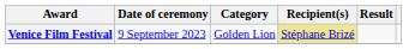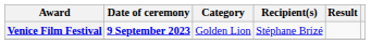 <table class="wikitable sortable plainrowheaders">
 <tr>
 <th scope="col">Award</th>
 <th scope="col">Date of ceremony</th>
 <th scope="col">Category</th>
 <th scope="col">Recipient(s)</th>
 <th scope="col">Result</th>
 <th scope="col" class="unsortable"></th>
 </tr>
 <tr>
 <th scope="row"><a href='#'>Venice Film Festival</a></th>
-<td><a href='#'>9 September 2023</a></td>
+<td><strong><a href='#'>9 September 2023</a></strong></td>
 <td><a href='#'>Golden Lion</a></td>
-<td style="background: khaki;"><a href='#'>Stéphane Brizé</a></td>
+<td><a href='#'>Stéphane Brizé</a></td>
 <td></td>
 <td align="center"></td>
 </tr>
 <tr>
 </tr>
 </table>
